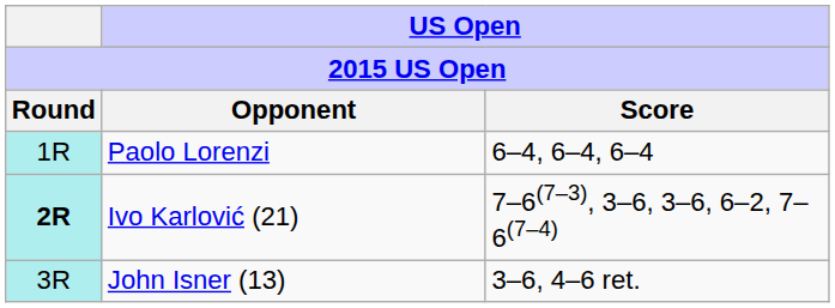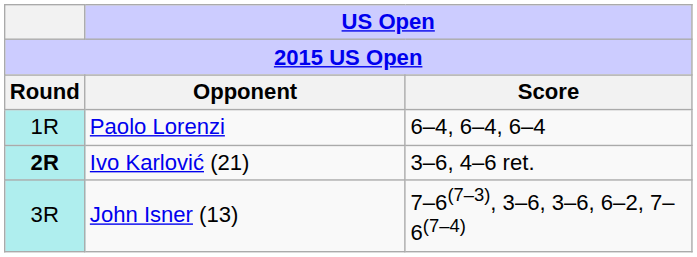 <table class="wikitable collapsible collapsed">
 <tr>
 <th></th>
 <th colspan=2 style="background:#ccf;"><a href='#'>US Open</a></th>
 </tr>
 <tr>
 <th colspan=3 style="background:#ccf;"><a href='#'>2015 US Open</a></th>
 </tr>
 <tr>
 <th>Round</th>
 <th width=225>Opponent</th>
 <th width=200>Score</th>
 </tr>
 <tr>
 <td style="text-align:center; background:#afeeee;">1R</td>
 <td> <a href='#'>Paolo Lorenzi</a></td>
 <td>6–4, 6–4, 6–4</td>
 </tr>
 <tr>
 <td style="text-align:center; background:#afeeee;"><strong>2R</strong></td>
 <td> <a href='#'>Ivo Karlović</a> (21)</td>
-<td>7–6<sup>(7–3)</sup>, 3–6, 3–6, 6–2, 7–6<sup>(7–4)</sup></td>
+<td>3–6, 4–6 ret.</td>
 </tr>
 <tr>
 <td style="text-align:center; background:#afeeee;">3R</td>
 <td> <a href='#'>John Isner</a> (13)</td>
-<td>3–6, 4–6 ret.</td>
+<td>7–6<sup>(7–3)</sup>, 3–6, 3–6, 6–2, 7–6<sup>(7–4)</sup></td>
 </tr>
 </table>
